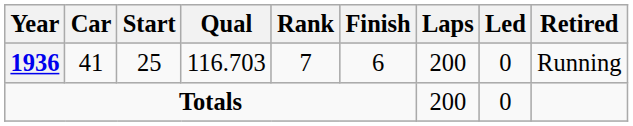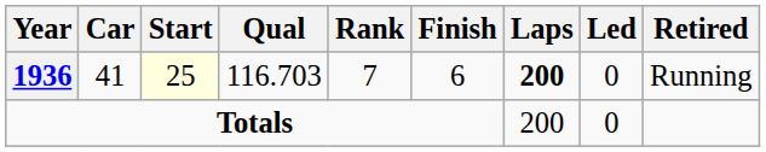 <table class="wikitable" style="text-align:center">
 <tr>
 <th>Year</th>
 <th>Car</th>
 <th>Start</th>
 <th>Qual</th>
 <th>Rank</th>
 <th>Finish</th>
 <th>Laps</th>
 <th>Led</th>
 <th>Retired</th>
 </tr>
 <tr>
 <th><a href='#'>1936</a></th>
 <td>41</td>
-<td>25</td>
+<td style="background: lightyellow;">25</td>
 <td>116.703</td>
 <td>7</td>
 <td>6</td>
-<td>200</td>
+<td><strong>200</strong></td>
 <td>0</td>
 <td>Running</td>
 </tr>
 <tr>
 <td colspan=6><strong>Totals</strong></td>
 <td>200</td>
 <td>0</td>
 <td></td>
 </tr>
 </table>
